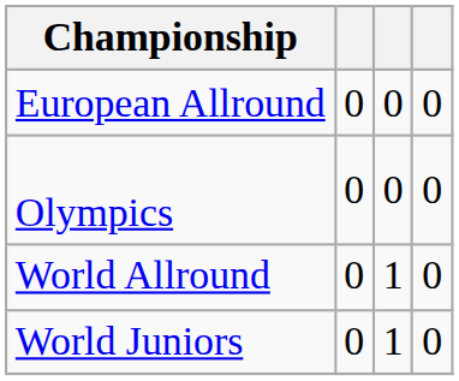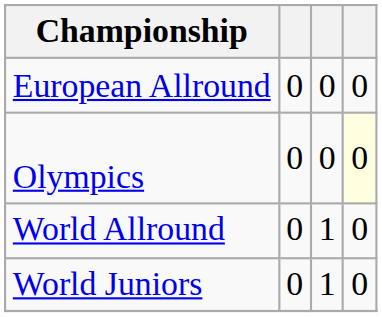 <table class=wikitable>
 <tr>
 <th>Championship</th>
 <th></th>
 <th></th>
 <th></th>
 </tr>
 <tr>
 <td><a href='#'>European Allround</a></td>
 <td>0</td>
 <td>0</td>
 <td>0</td>
 </tr>
 <tr>
 <td><br><a href='#'>Olympics</a></td>
 <td>0</td>
 <td>0</td>
-<td>0</td>
+<td style="background: lightyellow;">0</td>
 </tr>
 <tr>
 <td><a href='#'>World Allround</a></td>
 <td>0</td>
 <td>1</td>
 <td>0</td>
 </tr>
 <tr>
 <td><a href='#'>World Juniors</a></td>
 <td>0</td>
 <td>1</td>
 <td>0</td>
 </tr>
 <tr>
 </tr>
 </table>
